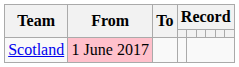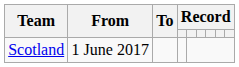 <table class="wikitable" style="text-align: center">
 <tr>
 <th rowspan="2">Team</th>
 <th rowspan="2">From</th>
 <th rowspan="2">To</th>
 <th colspan="6">Record</th>
 </tr>
 <tr>
 <th></th>
 <th></th>
 <th></th>
 <th></th>
 <th></th>
 <th></th>
 </tr>
 <tr>
 <td><a href='#'>Scotland</a></td>
-<td style="background: pink;">1 June 2017</td>
+<td>1 June 2017</td>
 <td 24 December 2020></td>
 <td></td>
 </tr>
 </table>
